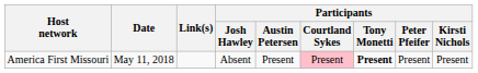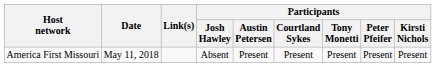 <table class="wikitable">
 <tr>
 <th rowspan="2">Host<br>network</th>
 <th rowspan="2">Date</th>
 <th rowspan="2">Link(s)</th>
 <th colspan="6">Participants</th>
 </tr>
 <tr>
 <th>Josh<br>Hawley</th>
 <th>Austin<br>Petersen</th>
 <th>Courtland<br>Sykes</th>
 <th>Tony<br>Monetti</th>
 <th>Peter<br>Pfeifer</th>
 <th>Kirsti<br>Nichols</th>
 </tr>
 <tr>
 <td align=center>America First Missouri</td>
 <td align=center>May 11, 2018</td>
 <td align=center></td>
 <td align=center>Absent</td>
 <td align=center>Present</td>
-<td align=center style="background: pink;">Present</td>
-<td align=center><strong>Present</strong></td>
+<td align=center>Present</td>
+<td align=center>Present</td>
 <td align=center>Present</td>
 <td align=center>Present</td>
 </tr>
 </table>
